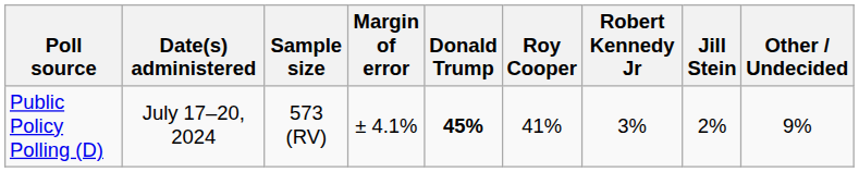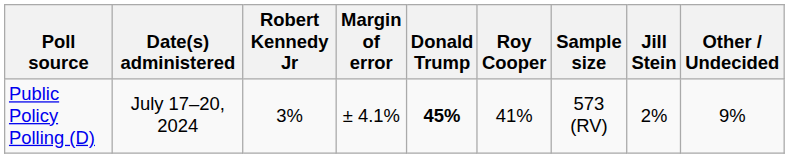 <table class="wikitable sortable mw-datatable" style="font-size:90%;text-align:center;line-height:17px">
 <tr valign=bottom>
 <th>Poll source</th>
 <th>Date(s)<br>administered</th>
-<th>Sample<br>size</th>
+<th class="unsortable">Robert<br>Kennedy Jr<br></th>
 <th>Margin<br>of error</th>
 <th class="unsortable">Donald<br>Trump<br></th>
 <th class="unsortable">Roy<br>Cooper<br></th>
-<th class="unsortable">Robert<br>Kennedy Jr<br></th>
+<th>Sample<br>size</th>
 <th class="unsortable">Jill<br>Stein<br></th>
 <th class="unsortable">Other /<br>Undecided</th>
 </tr>
 <tr>
 <td style="text-align:left;"><a href='#'>Public Policy Polling (D)</a></td>
 <td data-sort-value="2024-07-21">July 17–20, 2024</td>
-<td>573 (RV)</td>
+<td>3%</td>
 <td>± 4.1%</td>
 <td style="background-color:"><strong>45%</strong></td>
 <td>41%</td>
-<td>3%</td>
+<td>573 (RV)</td>
 <td>2%</td>
 <td>9%</td>
 </tr>
 </table>
